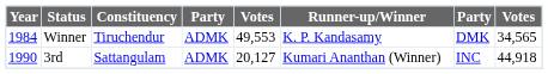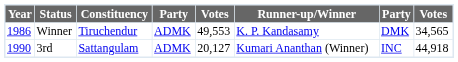 <table width="600px" cellpadding="2" cellspacing="0" border="1" style="border-collapse: collapse; border: 2px #DEE8F1 solid; font-size: x-big; font-family: verdana">
 <tr>
 <th style="background-color:#666666; color:white">Year</th>
 <th style="background-color:#666666; color:white">Status</th>
 <th style="background-color:#666666; color:white">Constituency</th>
 <th style="background-color:#666666; color:white">Party</th>
 <th style="background-color:#666666; color:white">Votes</th>
 <th style="background-color:#666666; color:white">Runner-up/Winner</th>
 <th style="background-color:#666666; color:white">Party</th>
 <th style="background-color:#666666; color:white">Votes</th>
 </tr>
 <tr -->
-<td><a href='#'>1984</a></td>
+<td><a href='#'>1986</a></td>
 <td>Winner</td>
 <td><a href='#'>Tiruchendur</a></td>
 <td><a href='#'>ADMK</a></td>
 <td>49,553</td>
 <td><a href='#'>K. P. Kandasamy</a></td>
 <td><a href='#'>DMK</a></td>
 <td>34,565</td>
 </tr>
 <tr -->
 <td><a href='#'>1990</a></td>
 <td>3rd</td>
 <td><a href='#'>Sattangulam</a></td>
 <td><a href='#'>ADMK</a></td>
 <td>20,127</td>
 <td><a href='#'>Kumari Ananthan</a> (Winner)</td>
 <td><a href='#'>INC</a></td>
 <td>44,918</td>
 </tr>
 </table>
